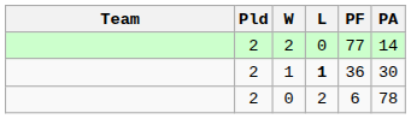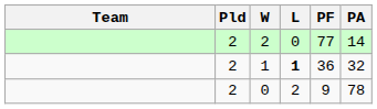 <table class="wikitable" style="text-align:center;">
 <tr>
 <th width=175>Team</th>
 <th width=20 abbr="Played">Pld</th>
 <th width=20 abbr="Won">W</th>
 <th width=20 abbr="Lost">L</th>
 <th width=20 abbr="Goals for">PF</th>
 <th width=20 abbr="Goals against">PA<br></th>
 </tr>
 <tr bgcolor=#ccffcc>
 <td style="text-align:left;"></td>
 <td>2</td>
 <td>2</td>
 <td>0</td>
 <td>77</td>
 <td>14</td>
 </tr>
 <tr>
 <td style="text-align:left;"></td>
 <td>2</td>
 <td>1</td>
 <td><strong>1</strong></td>
 <td>36</td>
-<td>30</td>
+<td>32</td>
 </tr>
 <tr>
 <td style="text-align:left;"></td>
 <td>2</td>
 <td>0</td>
 <td>2</td>
-<td>6</td>
+<td>9</td>
 <td>78</td>
 </tr>
 </table>
